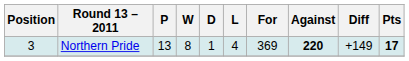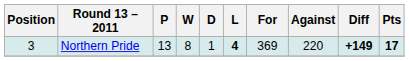 <table class="wikitable" style="text-align:center; font-size:85%;">
 <tr>
 <th width=40 abbr="Position">Position</th>
 <th width=100>Round 13 – 2011</th>
 <th width=20 abbr="Played">P</th>
 <th width=20 abbr="Won">W</th>
 <th width=20 abbr="Drawn">D</th>
 <th width=20 abbr="Lost">L</th>
 <th width=40 abbr="Points for">For</th>
 <th width=40 abbr="Points against">Against</th>
 <th width=40 abbr="Points difference">Diff</th>
 <th width=20 abbr="Points">Pts</th>
 </tr>
 <tr style="background: #d7ebed;">
 <td>3</td>
 <td style="text-align:left;"> <a href='#'>Northern Pride</a></td>
 <td>13</td>
 <td>8</td>
 <td>1</td>
-<td>4</td>
+<td><strong>4</strong></td>
 <td>369</td>
-<td><strong>220</strong></td>
-<td>+149</td>
+<td>220</td>
+<td><strong>+149</strong></td>
 <td><strong>17</strong></td>
 </tr>
 <tr>
 </tr>
 </table>
